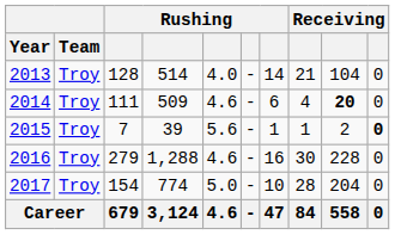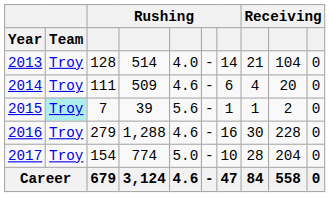 <table class="wikitable sortable" style="text-align:center;">
 <tr>
 <th colspan="2"></th>
 <th colspan="5">Rushing</th>
 <th colspan="3">Receiving</th>
 </tr>
 <tr>
 <th>Year</th>
 <th>Team</th>
 <th></th>
 <th></th>
 <th></th>
 <th></th>
 <th></th>
 <th></th>
 <th></th>
 <th></th>
 </tr>
 <tr>
 <td><a href='#'>2013</a></td>
 <td><a href='#'>Troy</a></td>
 <td>128</td>
 <td>514</td>
 <td>4.0</td>
 <td>-</td>
 <td>14</td>
 <td>21</td>
 <td>104</td>
 <td>0</td>
 </tr>
 <tr>
 <td><a href='#'>2014</a></td>
 <td><a href='#'>Troy</a></td>
 <td>111</td>
 <td>509</td>
 <td>4.6</td>
 <td>-</td>
 <td>6</td>
 <td>4</td>
-<td><strong>20</strong></td>
+<td>20</td>
 <td>0</td>
 </tr>
 <tr>
 <td><a href='#'>2015</a></td>
-<td><a href='#'>Troy</a></td>
+<td style="background: paleturquoise;"><a href='#'>Troy</a></td>
 <td>7</td>
 <td>39</td>
 <td>5.6</td>
 <td>-</td>
 <td>1</td>
 <td>1</td>
 <td>2</td>
-<td><strong>0</strong></td>
+<td>0</td>
 </tr>
 <tr>
 <td><a href='#'>2016</a></td>
 <td><a href='#'>Troy</a></td>
 <td>279</td>
 <td>1,288</td>
 <td>4.6</td>
 <td>-</td>
 <td>16</td>
 <td>30</td>
 <td>228</td>
 <td>0</td>
 </tr>
 <tr>
 <td><a href='#'>2017</a></td>
 <td><a href='#'>Troy</a></td>
 <td>154</td>
 <td>774</td>
 <td>5.0</td>
 <td>-</td>
 <td>10</td>
 <td>28</td>
 <td>204</td>
 <td>0</td>
 </tr>
 <tr class="sortbottom" style="background:#eee;">
 <th colspan=2>Career</th>
 <th>679</th>
 <th>3,124</th>
 <th>4.6</th>
 <th>-</th>
 <th>47</th>
 <th>84</th>
 <th>558</th>
 <th>0</th>
 </tr>
 </table>
